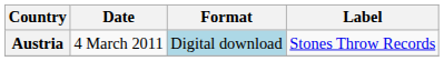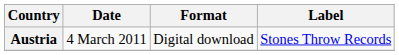 <table class="wikitable plainrowheaders">
 <tr>
 <th scope="col">Country</th>
 <th scope="col">Date</th>
 <th scope="col">Format</th>
 <th scope="col">Label</th>
 </tr>
 <tr>
 <th scope="row">Austria</th>
 <td>4 March 2011</td>
-<td style="background: lightblue;">Digital download</td>
+<td>Digital download</td>
 <td><a href='#'>Stones Throw Records</a></td>
 </tr>
 <tr>
 </tr>
 </table>
